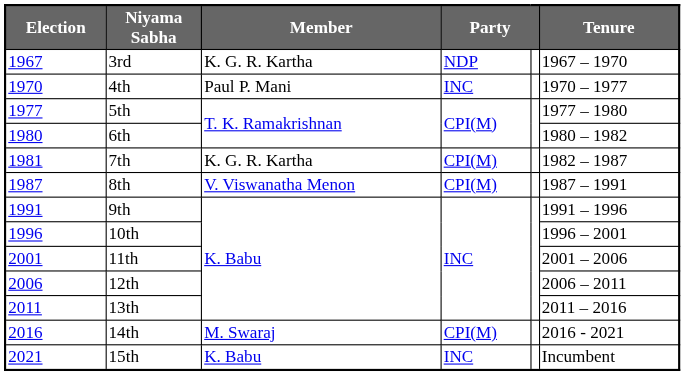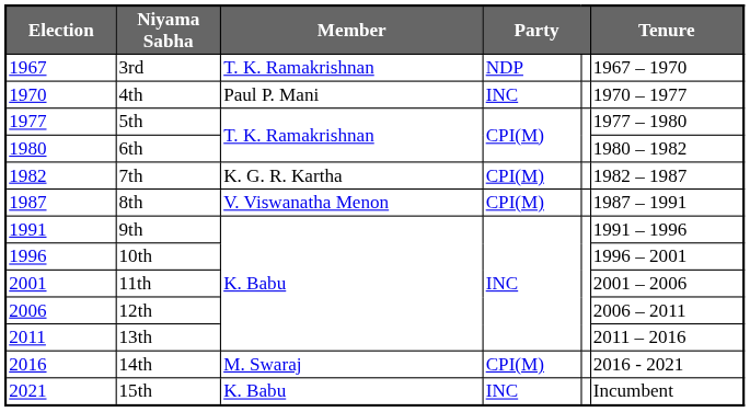 <table class="sortable" width="50%" cellpadding="2" cellspacing="0" border="1" style="border-collapse: collapse; border: 2px #000000 solid; font-size: x-big;">
 <tr>
 <th style="background-color:#666666; color:white">Election</th>
 <th style="background-color:#666666; color:white">Niyama<br>Sabha</th>
 <th style="background-color:#666666; color:white">Member</th>
 <th colspan="2" style="background-color:#666666; color:white">Party</th>
 <th style="background-color:#666666; color:white">Tenure</th>
 </tr>
 <tr>
 <td><a href='#'>1967</a></td>
 <td>3rd</td>
-<td>K. G. R. Kartha</td>
+<td><a href='#'>T. K. Ramakrishnan</a></td>
 <td><a href='#'>NDP</a></td>
 <td style="background-color: "></td>
 <td>1967 – 1970</td>
 </tr>
 <tr>
 <td><a href='#'>1970</a></td>
 <td>4th</td>
 <td>Paul P. Mani</td>
 <td><a href='#'>INC</a></td>
 <td style="background-color: "></td>
 <td>1970 – 1977</td>
 </tr>
 <tr>
 <td><a href='#'>1977</a></td>
 <td>5th</td>
 <td rowspan="2"><a href='#'>T. K. Ramakrishnan</a></td>
 <td rowspan="2"><a href='#'>CPI(M)</a></td>
 <td rowspan="2" style="background-color: "></td>
 <td>1977 – 1980</td>
 </tr>
 <tr>
 <td><a href='#'>1980</a></td>
 <td>6th</td>
 <td>1980 – 1982</td>
 </tr>
 <tr>
-<td><a href='#'>1981</a></td>
+<td><a href='#'>1982</a></td>
 <td>7th</td>
 <td>K. G. R. Kartha</td>
 <td><a href='#'>CPI(M)</a></td>
 <td style="background-color: "></td>
 <td>1982 – 1987</td>
 </tr>
 <tr>
 <td><a href='#'>1987</a></td>
 <td>8th</td>
 <td><a href='#'>V. Viswanatha Menon</a></td>
 <td><a href='#'>CPI(M)</a></td>
 <td style="background-color: "></td>
 <td>1987 – 1991</td>
 </tr>
 <tr>
 <td><a href='#'>1991</a></td>
 <td>9th</td>
 <td rowspan="5"><a href='#'>K. Babu</a></td>
 <td rowspan="5"><a href='#'>INC</a></td>
 <td rowspan="5" style="background-color: "></td>
 <td>1991 – 1996</td>
 </tr>
 <tr>
 <td><a href='#'>1996</a></td>
 <td>10th</td>
 <td>1996 – 2001</td>
 </tr>
 <tr>
 <td><a href='#'>2001</a></td>
 <td>11th</td>
 <td>2001 – 2006</td>
 </tr>
 <tr>
 <td><a href='#'>2006</a></td>
 <td>12th</td>
 <td>2006 – 2011</td>
 </tr>
 <tr>
 <td><a href='#'>2011</a></td>
 <td>13th</td>
 <td>2011 – 2016</td>
 </tr>
 <tr>
 <td><a href='#'>2016</a></td>
 <td>14th</td>
 <td><a href='#'>M. Swaraj</a></td>
 <td><a href='#'>CPI(M)</a></td>
 <td style="background-color: "></td>
 <td>2016 - 2021</td>
 </tr>
 <tr>
 <td><a href='#'>2021</a></td>
 <td>15th</td>
 <td><a href='#'>K. Babu</a></td>
 <td><a href='#'>INC</a></td>
 <td style="background-color: "></td>
 <td>Incumbent</td>
 </tr>
 </table>
